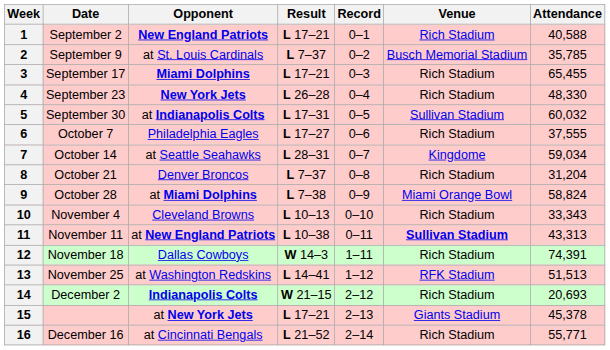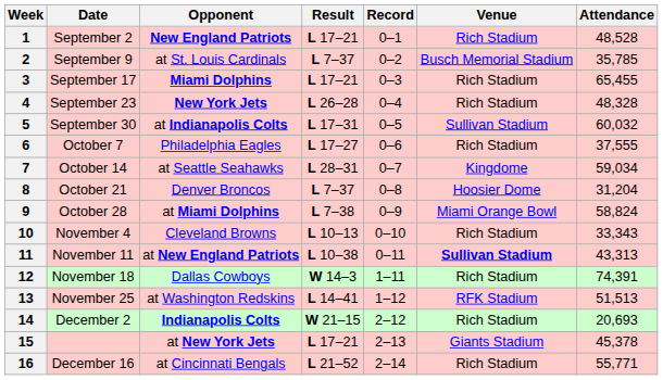 <table class="wikitable" style="text-align:center">
 <tr>
 <th>Week</th>
 <th>Date</th>
 <th>Opponent</th>
 <th>Result</th>
 <th>Record</th>
 <th>Venue</th>
 <th>Attendance</th>
 </tr>
 <tr style="background:#fcc">
 <th>1</th>
 <td>September 2</td>
 <td><strong><a href='#'>New England Patriots</a></strong></td>
 <td><strong>L</strong> 17–21</td>
 <td>0–1</td>
 <td><a href='#'>Rich Stadium</a></td>
-<td>40,588</td>
+<td>48,528</td>
 </tr>
 <tr style="background:#fcc">
 <th>2</th>
 <td>September 9</td>
 <td>at <a href='#'>St. Louis Cardinals</a></td>
 <td><strong>L</strong> 7–37</td>
 <td>0–2</td>
 <td><a href='#'>Busch Memorial Stadium</a></td>
 <td>35,785</td>
 </tr>
 <tr style="background:#fcc">
 <th>3</th>
 <td>September 17</td>
 <td><strong><a href='#'>Miami Dolphins</a></strong></td>
 <td><strong>L</strong> 17–21</td>
 <td>0–3</td>
 <td>Rich Stadium</td>
 <td>65,455</td>
 </tr>
 <tr style="background:#fcc">
 <th>4</th>
 <td>September 23</td>
 <td><strong><a href='#'>New York Jets</a></strong></td>
 <td><strong>L</strong> 26–28</td>
 <td>0–4</td>
 <td>Rich Stadium</td>
-<td>48,330</td>
+<td>48,328</td>
 </tr>
 <tr style="background:#fcc">
 <th>5</th>
 <td>September 30</td>
 <td>at <strong><a href='#'>Indianapolis Colts</a></strong></td>
 <td><strong>L</strong> 17–31</td>
 <td>0–5</td>
 <td><a href='#'>Sullivan Stadium</a></td>
 <td>60,032</td>
 </tr>
 <tr style="background:#fcc">
 <th>6</th>
 <td>October 7</td>
 <td><a href='#'>Philadelphia Eagles</a></td>
 <td><strong>L</strong> 17–27</td>
 <td>0–6</td>
 <td>Rich Stadium</td>
 <td>37,555</td>
 </tr>
 <tr style="background:#fcc">
 <th>7</th>
 <td>October 14</td>
 <td>at <a href='#'>Seattle Seahawks</a></td>
 <td><strong>L</strong> 28–31</td>
 <td>0–7</td>
 <td><a href='#'>Kingdome</a></td>
 <td>59,034</td>
 </tr>
 <tr style="background:#fcc">
 <th>8</th>
 <td>October 21</td>
 <td><a href='#'>Denver Broncos</a></td>
 <td><strong>L</strong> 7–37</td>
 <td>0–8</td>
-<td>Rich Stadium</td>
+<td><a href='#'>Hoosier Dome</a></td>
 <td>31,204</td>
 </tr>
 <tr style="background:#fcc">
 <th>9</th>
 <td>October 28</td>
 <td>at <strong><a href='#'>Miami Dolphins</a></strong></td>
 <td><strong>L</strong> 7–38</td>
 <td>0–9</td>
 <td><a href='#'>Miami Orange Bowl</a></td>
 <td>58,824</td>
 </tr>
 <tr style="background:#fcc">
 <th>10</th>
 <td>November 4</td>
 <td><a href='#'>Cleveland Browns</a></td>
 <td><strong>L</strong> 10–13</td>
 <td>0–10</td>
 <td>Rich Stadium</td>
 <td>33,343</td>
 </tr>
 <tr style="background:#fcc">
 <th>11</th>
 <td>November 11</td>
 <td>at <strong><a href='#'>New England Patriots</a></strong></td>
 <td><strong>L</strong> 10–38</td>
 <td>0–11</td>
 <td><strong><a href='#'>Sullivan Stadium</a></strong></td>
 <td>43,313</td>
 </tr>
 <tr style="background:#cfc">
 <th>12</th>
 <td>November 18</td>
 <td><a href='#'>Dallas Cowboys</a></td>
 <td><strong>W</strong> 14–3</td>
 <td>1–11</td>
 <td>Rich Stadium</td>
 <td>74,391</td>
 </tr>
 <tr style="background:#fcc">
 <th>13</th>
 <td>November 25</td>
 <td>at <a href='#'>Washington Redskins</a></td>
 <td><strong>L</strong> 14–41</td>
 <td>1–12</td>
 <td><a href='#'>RFK Stadium</a></td>
 <td>51,513</td>
 </tr>
 <tr style="background:#cfc">
 <th>14</th>
 <td>December 2</td>
 <td><strong><a href='#'>Indianapolis Colts</a></strong></td>
 <td><strong>W</strong> 21–15</td>
 <td>2–12</td>
 <td>Rich Stadium</td>
 <td>20,693</td>
 </tr>
 <tr style="background:#fcc">
 <th>15</th>
 <td></td>
 <td>at <strong><a href='#'>New York Jets</a></strong></td>
 <td><strong>L</strong> 17–21</td>
 <td>2–13</td>
 <td><a href='#'>Giants Stadium</a></td>
 <td>45,378</td>
 </tr>
 <tr style="background:#fcc">
 <th>16</th>
 <td>December 16</td>
 <td>at <a href='#'>Cincinnati Bengals</a></td>
 <td><strong>L</strong> 21–52</td>
 <td>2–14</td>
 <td>Rich Stadium</td>
 <td>55,771</td>
 </tr>
 </table>
